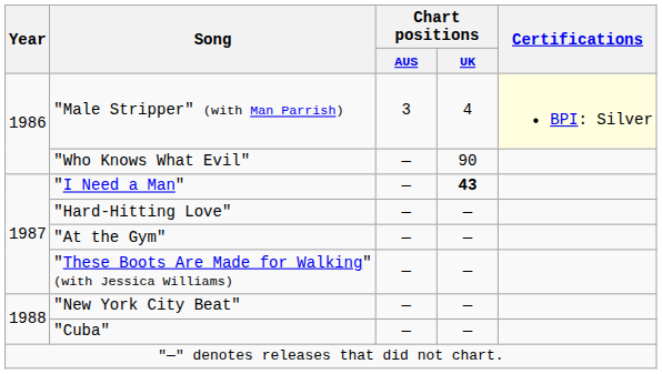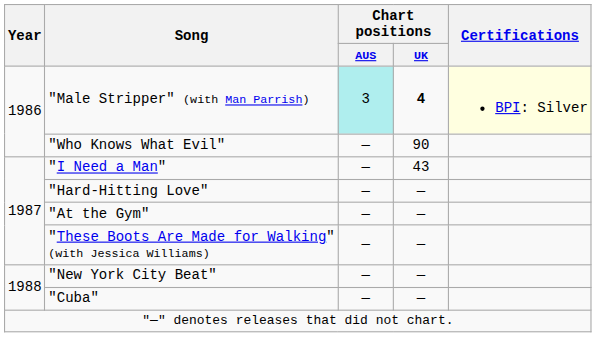 <table class="wikitable">
 <tr>
 <th scope="col" rowspan="2">Year</th>
 <th scope="col" rowspan="2">Song</th>
 <th scope="col" colspan="2">Chart positions</th>
 <th scope="col" rowspan="2"><a href='#'>Certifications</a></th>
 </tr>
 <tr>
 <th style="width:45px;"><small><a href='#'>AUS</a></small><br></th>
 <th style="width:45px;"><small><a href='#'>UK</a></small><br></th>
 </tr>
 <tr>
 <td rowspan="2">1986</td>
 <td>"Male Stripper" <small>(with <a href='#'>Man Parrish</a>)</small></td>
-<td align=center>3</td>
-<td align=center>4</td>
+<td align=center style="background: paleturquoise;">3</td>
+<td align=center><strong>4</strong></td>
 <td style="background: lightyellow;"><br><ul><li><a href='#'>BPI</a>: Silver</li></ul></td>
 </tr>
 <tr>
 <td>"Who Knows What Evil"</td>
 <td align=center>—</td>
 <td align=center>90</td>
 <td></td>
 </tr>
 <tr>
 <td rowspan="4">1987</td>
 <td>"<a href='#'>I Need a Man</a>"</td>
 <td align=center>—</td>
-<td align=center><strong>43</strong></td>
+<td align=center>43</td>
 <td></td>
 </tr>
 <tr>
 <td>"Hard-Hitting Love"</td>
 <td align=center>—</td>
 <td align=center>—</td>
 <td></td>
 </tr>
 <tr>
 <td>"At the Gym"</td>
 <td align=center>—</td>
 <td align=center>—</td>
 <td></td>
 </tr>
 <tr>
 <td>"<a href='#'>These Boots Are Made for Walking</a>" <br><small>(with Jessica Williams)</small></td>
 <td align=center>—</td>
 <td align=center>—</td>
 <td></td>
 </tr>
 <tr>
 <td rowspan="2">1988</td>
 <td>"New York City Beat"</td>
 <td align=center>—</td>
 <td align=center>—</td>
 <td></td>
 </tr>
 <tr>
 <td>"Cuba"</td>
 <td align=center>—</td>
 <td align=center>—</td>
 <td></td>
 </tr>
 <tr>
 <td colspan="7" style="text-align:center; font-size:9pt;">"—" denotes releases that did not chart.</td>
 </tr>
 </table>
